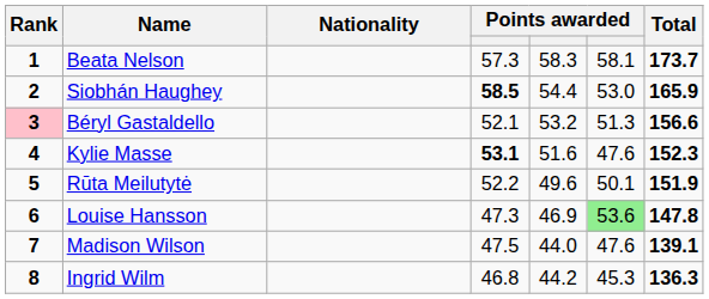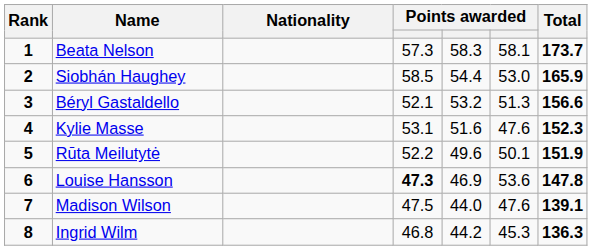 <table class="wikitable" style="text-align:center;">
 <tr>
 <th rowspan=2>Rank</th>
 <th rowspan=2 width=160>Name</th>
 <th rowspan=2 width=160>Nationality</th>
 <th colspan=3>Points awarded</th>
 <th rowspan=2>Total</th>
 </tr>
 <tr>
 <th width=40></th>
 <th width=40></th>
 <th width=40></th>
 </tr>
 <tr>
 <td><strong>1</strong></td>
 <td align=left><a href='#'>Beata Nelson</a></td>
 <td align=left></td>
 <td>57.3</td>
 <td>58.3</td>
 <td>58.1</td>
 <td><strong>173.7</strong></td>
 </tr>
 <tr>
 <td><strong>2</strong></td>
 <td align=left><a href='#'>Siobhán Haughey</a></td>
 <td align=left></td>
-<td><strong>58.5</strong></td>
+<td>58.5</td>
 <td>54.4</td>
 <td>53.0</td>
 <td><strong>165.9</strong></td>
 </tr>
 <tr>
-<td style="background: pink;"><strong>3</strong></td>
+<td><strong>3</strong></td>
 <td align=left><a href='#'>Béryl Gastaldello</a></td>
 <td align=left></td>
 <td>52.1</td>
 <td>53.2</td>
 <td>51.3</td>
 <td><strong>156.6</strong></td>
 </tr>
 <tr>
 <td><strong>4</strong></td>
 <td align=left><a href='#'>Kylie Masse</a></td>
 <td align=left></td>
-<td><strong>53.1</strong></td>
+<td>53.1</td>
 <td>51.6</td>
 <td>47.6</td>
 <td><strong>152.3</strong></td>
 </tr>
 <tr>
 <td><strong>5</strong></td>
 <td align=left><a href='#'>Rūta Meilutytė</a></td>
 <td align=left></td>
 <td>52.2</td>
 <td>49.6</td>
 <td>50.1</td>
 <td><strong>151.9</strong></td>
 </tr>
 <tr>
 <td><strong>6</strong></td>
 <td align=left><a href='#'>Louise Hansson</a></td>
 <td align=left></td>
-<td>47.3</td>
+<td><strong>47.3</strong></td>
 <td>46.9</td>
-<td style="background: lightgreen;">53.6</td>
+<td>53.6</td>
 <td><strong>147.8</strong></td>
 </tr>
 <tr>
 <td><strong>7</strong></td>
 <td align=left><a href='#'>Madison Wilson</a></td>
 <td align=left></td>
 <td>47.5</td>
 <td>44.0</td>
 <td>47.6</td>
 <td><strong>139.1</strong></td>
 </tr>
 <tr>
 <td><strong>8</strong></td>
 <td align=left><a href='#'>Ingrid Wilm</a></td>
 <td align=left></td>
 <td>46.8</td>
 <td>44.2</td>
 <td>45.3</td>
 <td><strong>136.3</strong></td>
 </tr>
 </table>
